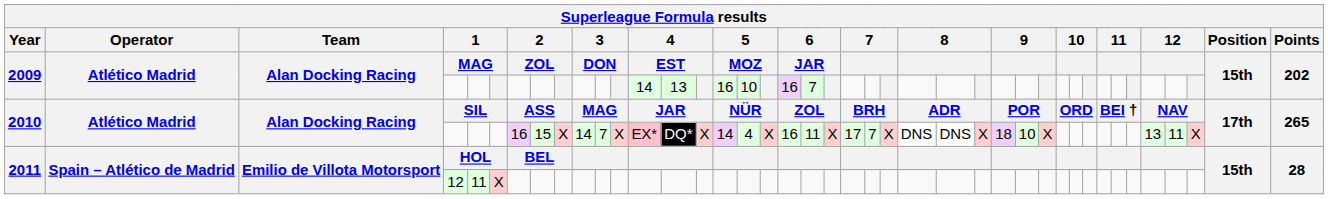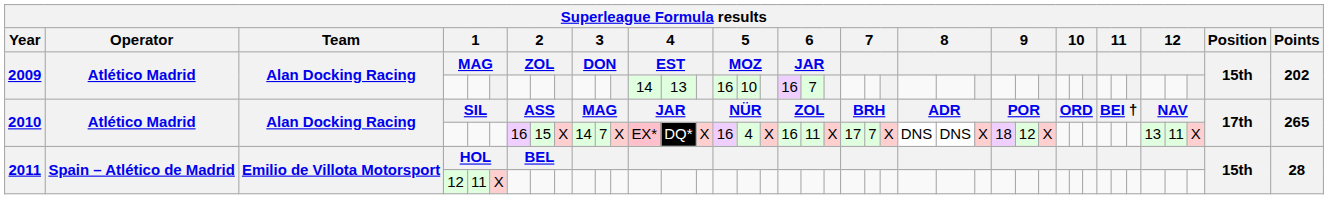 <table class="wikitable" style="text-align:center; font-size:85%">
 <tr>
 <th colspan=45><a href='#'>Superleague Formula</a> results</th>
 </tr>
 <tr>
 <th>Year</th>
 <th>Operator</th>
 <th>Team</th>
 <th colspan=3>1</th>
 <th colspan=3>2</th>
 <th colspan=3>3</th>
 <th colspan=3>4</th>
 <th colspan=3>5</th>
 <th colspan=3>6</th>
 <th colspan=3>7</th>
 <th colspan=3>8</th>
 <th colspan=3>9</th>
 <th colspan=3>10</th>
 <th colspan=3>11</th>
 <th colspan=3>12</th>
 <th>Position</th>
 <th>Points</th>
 </tr>
 <tr>
 <th rowspan=2><a href='#'>2009</a></th>
 <th rowspan=2><a href='#'>Atlético Madrid</a></th>
 <th rowspan=2><a href='#'>Alan Docking Racing</a></th>
 <th colspan=3><a href='#'>MAG</a></th>
 <th colspan=3><a href='#'>ZOL</a></th>
 <th colspan=3><a href='#'>DON</a></th>
 <th colspan=3><a href='#'>EST</a></th>
 <th colspan=3><a href='#'>MOZ</a></th>
 <th colspan=3><a href='#'>JAR</a></th>
 <th colspan=3></th>
 <th colspan=3></th>
 <th colspan=3></th>
 <th colspan=3></th>
 <th colspan=3></th>
 <th colspan=3></th>
 <th rowspan=2>15th</th>
 <th rowspan=2>202</th>
 </tr>
 <tr>
 <td></td>
 <td></td>
 <th></th>
 <td></td>
 <td></td>
 <th></th>
 <td></td>
 <td></td>
 <th></th>
 <td style="background:#dfffdf;">14</td>
 <td style="background:#dfffdf;">13</td>
 <th></th>
 <td style="background:#dfffdf;">16</td>
 <td style="background:#dfffdf;">10</td>
 <th></th>
 <td style="background:#efcfff;">16</td>
 <td style="background:#dfffdf;">7</td>
 <th></th>
 <td></td>
 <td></td>
 <th></th>
 <td></td>
 <td></td>
 <th></th>
 <td></td>
 <td></td>
 <th></th>
 <td></td>
 <td></td>
 <th></th>
 <td></td>
 <td></td>
 <th></th>
 <td></td>
 <td></td>
 <th></th>
 </tr>
 <tr>
 <th rowspan=2><a href='#'>2010</a></th>
 <th rowspan=2><a href='#'>Atlético Madrid</a></th>
 <th rowspan=2><a href='#'>Alan Docking Racing</a></th>
 <th colspan=3><a href='#'>SIL</a></th>
 <th colspan=3><a href='#'>ASS</a></th>
 <th colspan=3><a href='#'>MAG</a></th>
 <th colspan=3><a href='#'>JAR</a></th>
 <th colspan=3><a href='#'>NÜR</a></th>
 <th colspan=3><a href='#'>ZOL</a></th>
 <th colspan=3><a href='#'>BRH</a></th>
 <th colspan=3><a href='#'>ADR</a></th>
 <th colspan=3><a href='#'>POR</a></th>
 <th colspan=3><a href='#'>ORD</a></th>
 <th colspan=3><a href='#'>BEI</a> †</th>
 <th colspan=3><a href='#'>NAV</a></th>
 <th rowspan=2>17th</th>
 <th rowspan=2>265</th>
 </tr>
 <tr>
 <td></td>
 <td></td>
 <td></td>
 <td style="background:#efcfff;">16</td>
 <td style="background:#dfffdf;">15</td>
 <td style="background:#ffcfcf;">X</td>
 <td style="background:#dfffdf;">14</td>
 <td style="background:#dfffdf;">7</td>
 <td style="background:#ffcfcf;">X</td>
 <td style="background: pink;">EX*</td>
 <td style="background:black; color:white;">DQ*</td>
 <td style="background:#ffcfcf;">X</td>
-<td style="background:#efcfff;">14</td>
+<td style="background:#efcfff;">16</td>
 <td style="background:#dfffdf;">4</td>
 <td style="background:#ffcfcf;">X</td>
 <td style="background:#dfffdf;">16</td>
 <td style="background:#dfffdf;">11</td>
 <td style="background:#ffcfcf;">X</td>
 <td style="background:#dfffdf;">17</td>
 <td style="background:#dfffdf;">7</td>
 <td style="background:#ffcfcf;">X</td>
 <td style="background:#ffffff;">DNS</td>
 <td style="background:#ffffff;">DNS</td>
 <td style="background:#ffcfcf;">X</td>
 <td style="background:#efcfff;">18</td>
-<td style="background:#dfffdf;">10</td>
+<td style="background:#dfffdf;">12</td>
 <td style="background:#ffcfcf;">X</td>
 <td></td>
 <td></td>
 <td></td>
 <td></td>
 <td></td>
 <td></td>
 <td style="background:#dfffdf;">13</td>
 <td style="background:#dfffdf;">11</td>
 <td style="background:#ffcfcf;">X</td>
 </tr>
 <tr>
 <th rowspan=2><a href='#'>2011</a></th>
 <th rowspan=2><a href='#'>Spain – Atlético de Madrid</a></th>
 <th rowspan=2><a href='#'>Emilio de Villota Motorsport</a></th>
 <th colspan=3><a href='#'>HOL</a></th>
 <th colspan=3><a href='#'>BEL</a></th>
 <th colspan=3></th>
 <th colspan=3></th>
 <th colspan=3></th>
 <th colspan=3></th>
 <th colspan=3></th>
 <th colspan=3></th>
 <th colspan=3></th>
 <th colspan=3></th>
 <th colspan=3></th>
 <th colspan=3></th>
 <th rowspan=2>15th</th>
 <th rowspan=2>28</th>
 </tr>
 <tr>
 <td style="background:#dfffdf;">12</td>
 <td style="background:#dfffdf;">11</td>
 <td style="background:#ffcfcf;">X</td>
 <td></td>
 <td></td>
 <td></td>
 <td></td>
 <td></td>
 <td></td>
 <td></td>
 <td></td>
 <td></td>
 <td></td>
 <td></td>
 <td></td>
 <td></td>
 <td></td>
 <td></td>
 <td></td>
 <td></td>
 <td></td>
 <td></td>
 <td></td>
 <td></td>
 <td></td>
 <td></td>
 <td></td>
 <td></td>
 <td></td>
 <td></td>
 <td></td>
 <td></td>
 <td></td>
 <td></td>
 <td></td>
 <td></td>
 </tr>
 </table>
